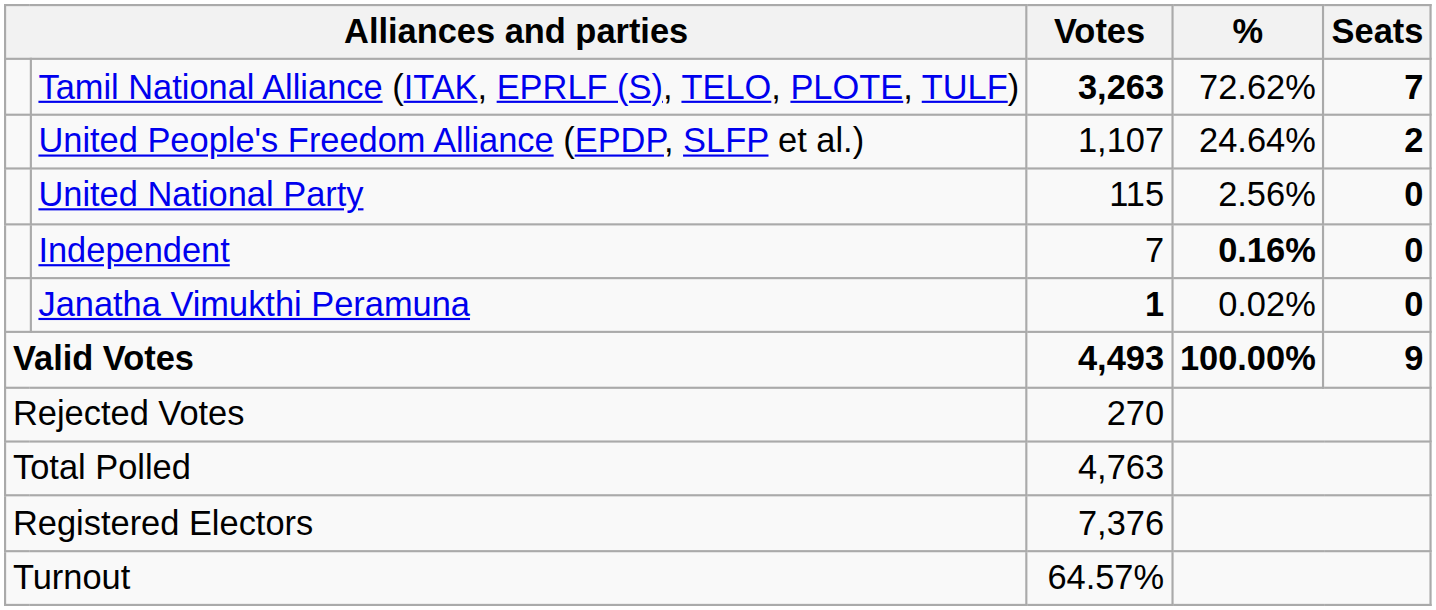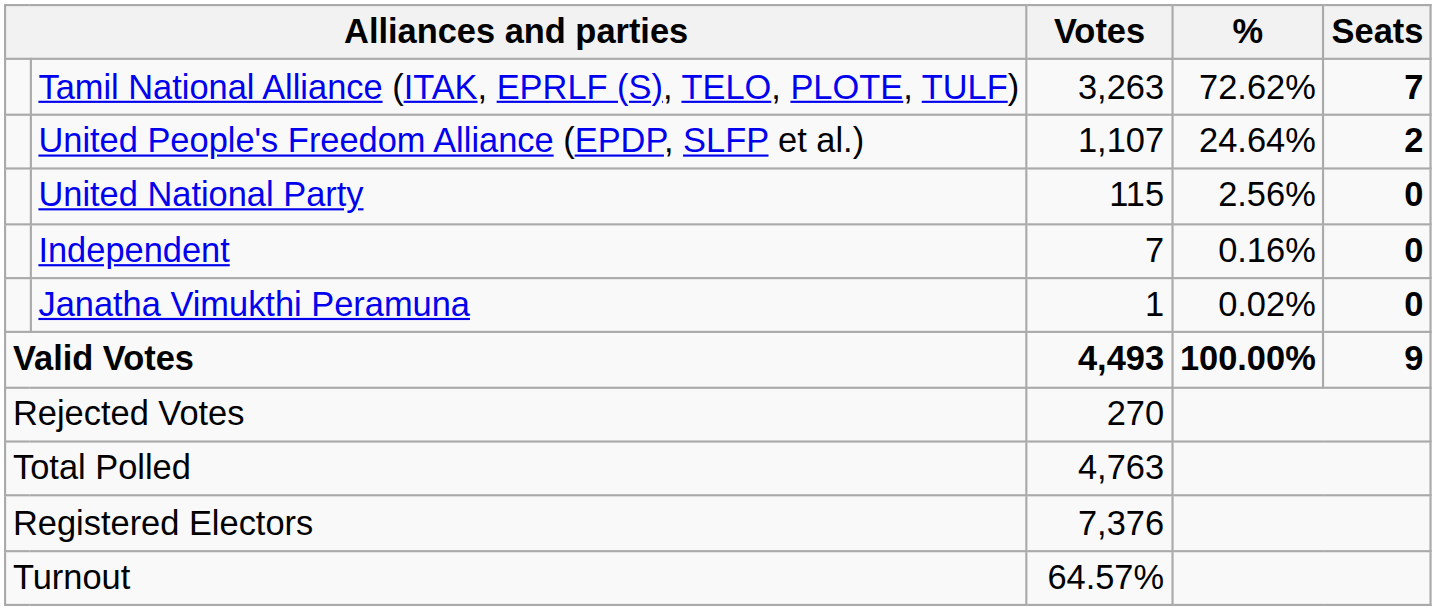 <table class="wikitable" border="1" style="text-align:right;">
 <tr>
 <th valign=bottom align=left colspan=2>Alliances and parties</th>
 <th valign=bottom align=center width="60">Votes</th>
 <th valign=bottom align=center width="50">%</th>
 <th valign=bottom align=center>Seats</th>
 </tr>
 <tr>
 <td bgcolor=> </td>
 <td align=left><a href='#'>Tamil National Alliance</a> (<a href='#'>ITAK</a>, <a href='#'>EPRLF (S)</a>, <a href='#'>TELO</a>, <a href='#'>PLOTE</a>, <a href='#'>TULF</a>)</td>
-<td><strong>3,263</strong></td>
+<td>3,263</td>
 <td>72.62%</td>
 <td><strong>7</strong></td>
 </tr>
 <tr>
 <td bgcolor=> </td>
 <td align=left><a href='#'>United People's Freedom Alliance</a> (<a href='#'>EPDP</a>, <a href='#'>SLFP</a> et al.)</td>
 <td>1,107</td>
 <td>24.64%</td>
 <td><strong>2</strong></td>
 </tr>
 <tr>
 <td bgcolor=> </td>
 <td align=left><a href='#'>United National Party</a></td>
 <td>115</td>
 <td>2.56%</td>
 <td><strong>0</strong></td>
 </tr>
 <tr>
 <td></td>
 <td align=left><a href='#'>Independent</a></td>
 <td>7</td>
-<td><strong>0.16%</strong></td>
+<td>0.16%</td>
 <td><strong>0</strong></td>
 </tr>
 <tr>
 <td bgcolor=> </td>
 <td align=left><a href='#'>Janatha Vimukthi Peramuna</a></td>
-<td><strong>1</strong></td>
+<td>1</td>
 <td>0.02%</td>
 <td><strong>0</strong></td>
 </tr>
 <tr>
 <td colspan=2 align=left><strong>Valid Votes</strong></td>
 <td><strong>4,493</strong></td>
 <td><strong>100.00%</strong></td>
 <td><strong>9</strong></td>
 </tr>
 <tr>
 <td colspan=2 align=left>Rejected Votes</td>
 <td>270</td>
 <td colspan=2></td>
 </tr>
 <tr>
 <td colspan=2 align=left>Total Polled</td>
 <td>4,763</td>
 <td colspan=2></td>
 </tr>
 <tr>
 <td colspan=2 align=left>Registered Electors</td>
 <td>7,376</td>
 <td colspan=2></td>
 </tr>
 <tr>
 <td colspan=2 align=left>Turnout</td>
 <td>64.57%</td>
 <td colspan=2></td>
 </tr>
 </table>
